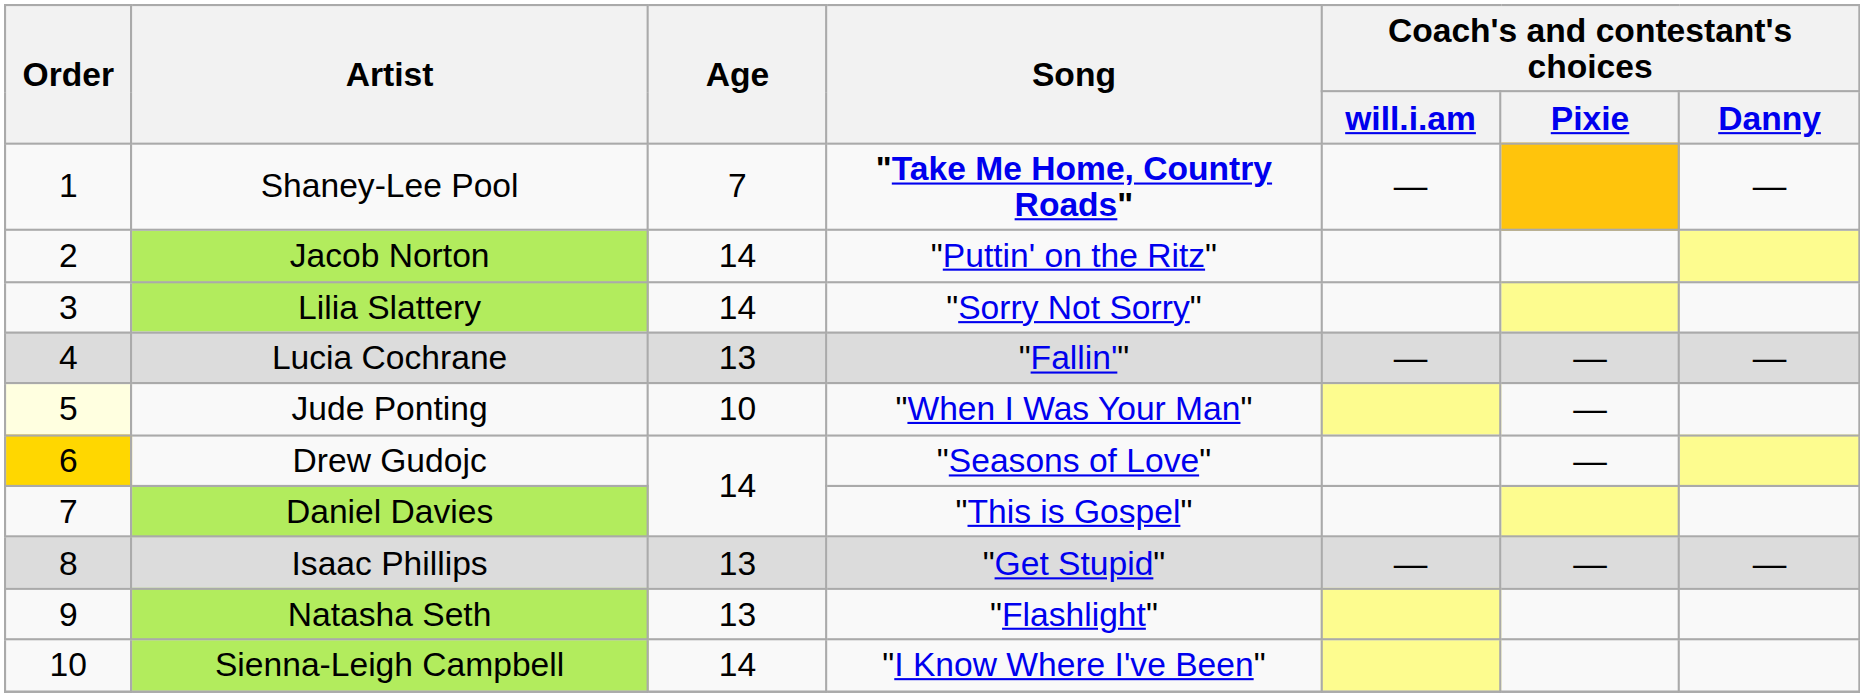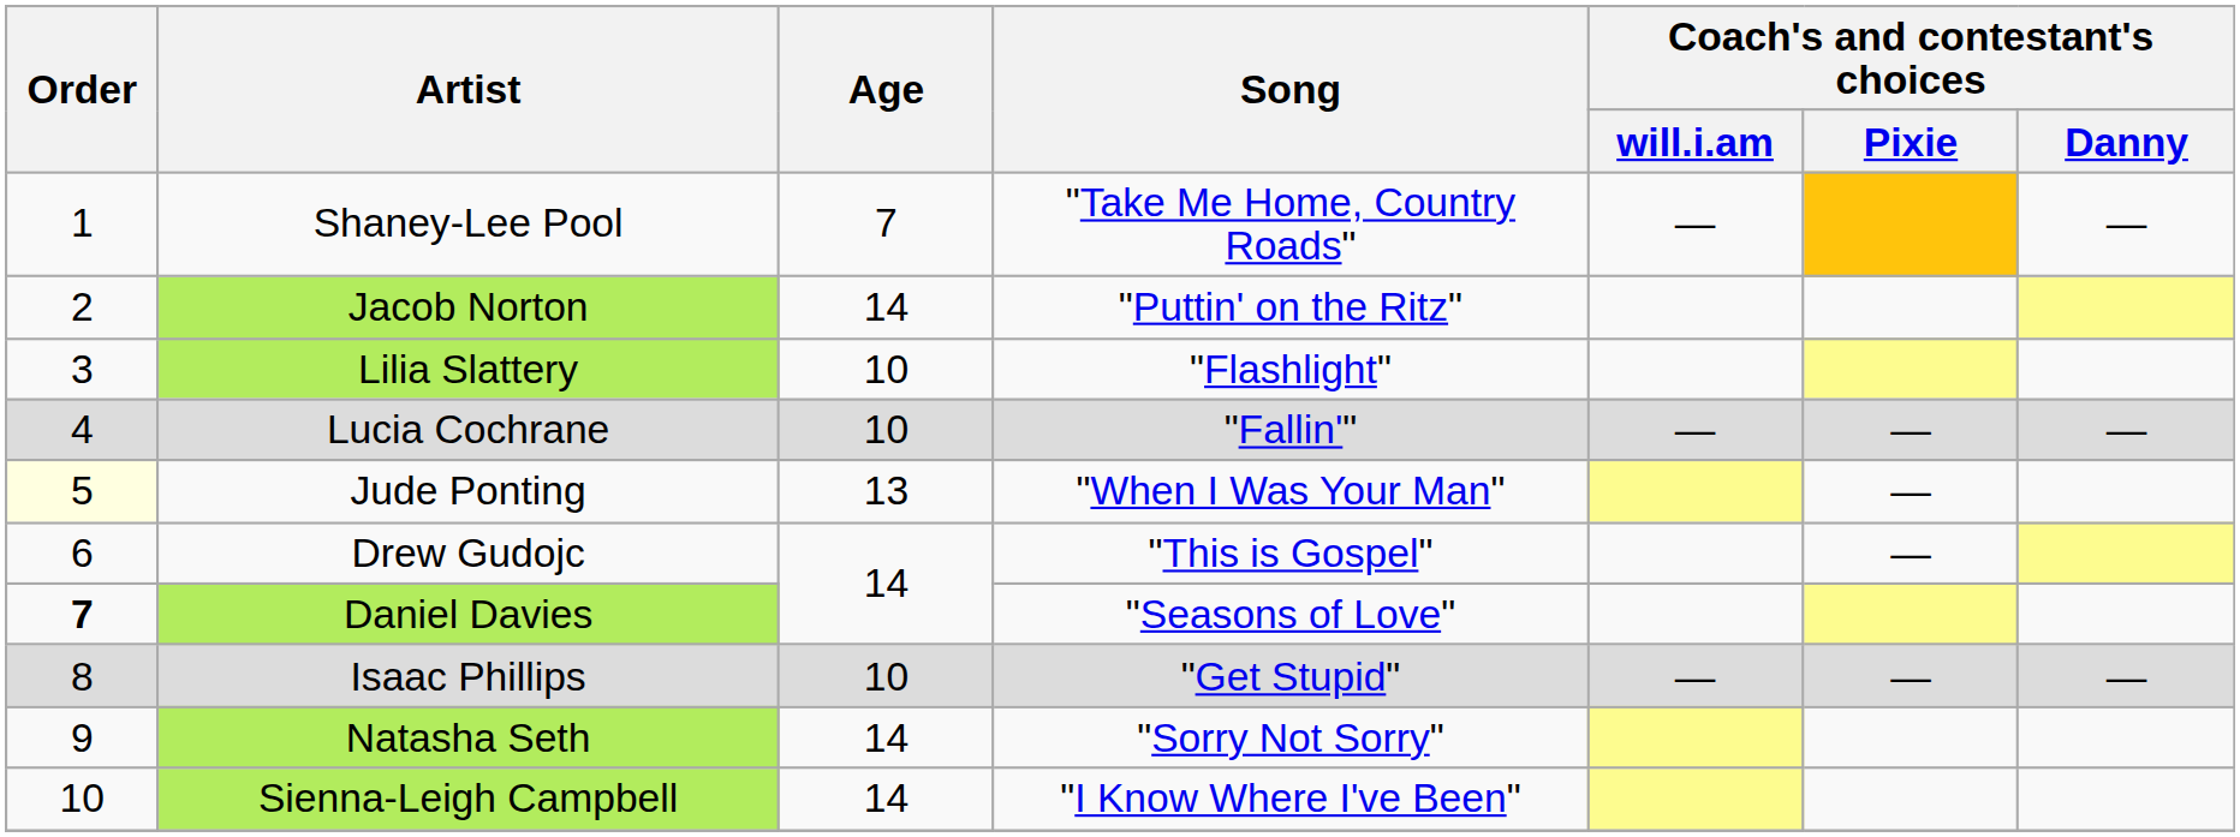 <table class="wikitable" style="text-align:center; line-height:17px; font-size:100%; width:100%;">
 <tr>
 <th scope="col" rowspan="2" width="05%">Order</th>
 <th scope="col" rowspan="2" width="23%">Artist</th>
 <th scope="col" rowspan="2" width="08%">Age</th>
 <th scope="col" rowspan="2" width="22%">Song</th>
 <th scope="col" colspan="3" width="24%">Coach's and contestant's choices</th>
 </tr>
 <tr>
 <th width="08%"><a href='#'>will.i.am</a></th>
 <th width="08%"><a href='#'>Pixie</a></th>
 <th width="08%"><a href='#'>Danny</a></th>
 </tr>
 <tr>
 <td scope="row">1</td>
 <td>Shaney-Lee Pool</td>
 <td>7</td>
-<td><strong>"<a href='#'>Take Me Home, Country Roads</a>"</strong></td>
+<td>"<a href='#'>Take Me Home, Country Roads</a>"</td>
 <td>—</td>
 <td style="background:#FFC40C;"><strong></strong></td>
 <td>—</td>
 </tr>
 <tr>
 <td scope="row">2</td>
 <td style="background-color:#B2EC5D;">Jacob Norton</td>
 <td>14</td>
 <td>"<a href='#'>Puttin' on the Ritz</a>"</td>
 <td><strong></strong></td>
 <td><strong></strong></td>
 <td style="background:#fdfc8f;"><strong></strong></td>
 </tr>
 <tr>
 <td scope="row">3</td>
 <td style="background-color:#B2EC5D;">Lilia Slattery</td>
-<td>14</td>
-<td>"<a href='#'>Sorry Not Sorry</a>"</td>
+<td>10</td>
+<td>"<a href='#'>Flashlight</a>"</td>
 <td><strong></strong></td>
 <td style="background:#fdfc8f;"><strong></strong></td>
 <td><strong></strong></td>
 </tr>
 <tr bgcolor=#DCDCDC>
 <td scope="row">4</td>
 <td>Lucia Cochrane</td>
-<td>13</td>
+<td>10</td>
 <td>"<a href='#'>Fallin'</a>"</td>
 <td>—</td>
 <td>—</td>
 <td>—</td>
 </tr>
 <tr>
 <td scope="row" style="background: lightyellow;">5</td>
 <td>Jude Ponting</td>
-<td>10</td>
+<td>13</td>
 <td>"<a href='#'>When I Was Your Man</a>"</td>
 <td style="background:#fdfc8f;"><strong></strong></td>
 <td>—</td>
 <td><strong></strong></td>
 </tr>
 <tr>
-<td scope="row" style="background: gold;">6</td>
+<td scope="row">6</td>
 <td>Drew Gudojc</td>
 <td rowspan="2">14</td>
-<td>"<a href='#'>Seasons of Love</a>"</td>
+<td>"<a href='#'>This is Gospel</a>"</td>
 <td><strong></strong></td>
 <td>—</td>
 <td style="background:#fdfc8f;"><strong></strong></td>
 </tr>
 <tr>
-<td scope="row">7</td>
+<td scope="row"><strong>7</strong></td>
 <td style="background-color:#B2EC5D;">Daniel Davies</td>
-<td>"<a href='#'>This is Gospel</a>"</td>
+<td>"<a href='#'>Seasons of Love</a>"</td>
 <td><strong></strong></td>
 <td style="background:#fdfc8f;"><strong></strong></td>
 <td><strong></strong></td>
 </tr>
 <tr bgcolor=#DCDCDC>
 <td scope="row">8</td>
 <td>Isaac Phillips</td>
-<td>13</td>
+<td>10</td>
 <td>"<a href='#'>Get Stupid</a>"</td>
 <td>—</td>
 <td>—</td>
 <td>—</td>
 </tr>
 <tr>
 <td scope="row">9</td>
 <td style="background-color:#B2EC5D;">Natasha Seth</td>
-<td>13</td>
-<td>"<a href='#'>Flashlight</a>"</td>
+<td>14</td>
+<td>"<a href='#'>Sorry Not Sorry</a>"</td>
 <td style="background:#fdfc8f;"><strong></strong></td>
 <td><strong></strong></td>
 <td><strong></strong></td>
 </tr>
 <tr>
 <td scope="row">10</td>
 <td style="background-color:#B2EC5D;">Sienna-Leigh Campbell</td>
 <td>14</td>
 <td>"<a href='#'>I Know Where I've Been</a>"</td>
 <td style="background:#fdfc8f;"><strong></strong></td>
 <td><strong></strong></td>
 <td><strong></strong></td>
 </tr>
 <tr>
 </tr>
 </table>
